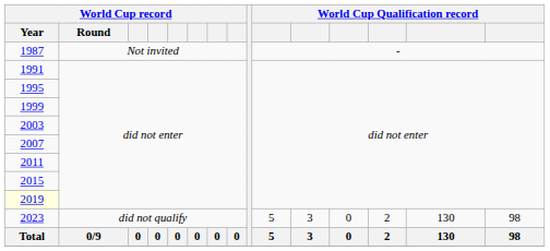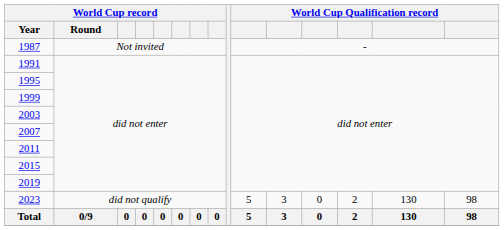 <table class="wikitable" style="text-align: center;">
 <tr>
 <th colspan=8><a href='#'>World Cup record</a></th>
 <th width=1% rowspan=13></th>
 <th colspan=6><a href='#'>World Cup Qualification record</a></th>
 </tr>
 <tr>
 <th>Year</th>
 <th>Round</th>
 <th></th>
 <th></th>
 <th></th>
 <th></th>
 <th></th>
 <th></th>
 <th></th>
 <th></th>
 <th></th>
 <th></th>
 <th></th>
 <th></th>
 </tr>
 <tr>
 <td> <a href='#'>1987</a></td>
 <td colspan=7><em>Not invited</em></td>
 <td colspan=6><em>-</em></td>
 </tr>
 <tr>
 <td> <a href='#'>1991</a></td>
 <td colspan=7 rowspan=8><em>did not enter</em></td>
 <td colspan=7 rowspan=8><em>did not enter</em></td>
 </tr>
 <tr>
 <td> <a href='#'>1995</a></td>
 </tr>
 <tr>
 <td> <a href='#'>1999</a></td>
 </tr>
 <tr>
 <td> <a href='#'>2003</a></td>
 </tr>
 <tr>
 <td> <a href='#'>2007</a></td>
 </tr>
 <tr>
 <td> <a href='#'>2011</a></td>
 </tr>
 <tr>
 <td> <a href='#'>2015</a></td>
 </tr>
 <tr>
-<td style="background: lightyellow;"> <a href='#'>2019</a></td>
+<td> <a href='#'>2019</a></td>
 </tr>
 <tr>
 <td> <a href='#'>2023</a></td>
 <td colspan=7><em>did not qualify</em></td>
 <td>5</td>
 <td>3</td>
 <td>0</td>
 <td>2</td>
 <td>130</td>
 <td>98</td>
 </tr>
 <tr>
 <th>Total</th>
 <th>0/9</th>
 <th>0</th>
 <th>0</th>
 <th>0</th>
 <th>0</th>
 <th>0</th>
 <th>0</th>
 <th>5</th>
 <th>3</th>
 <th>0</th>
 <th>2</th>
 <th>130</th>
 <th>98</th>
 </tr>
 <tr>
 </tr>
 </table>
